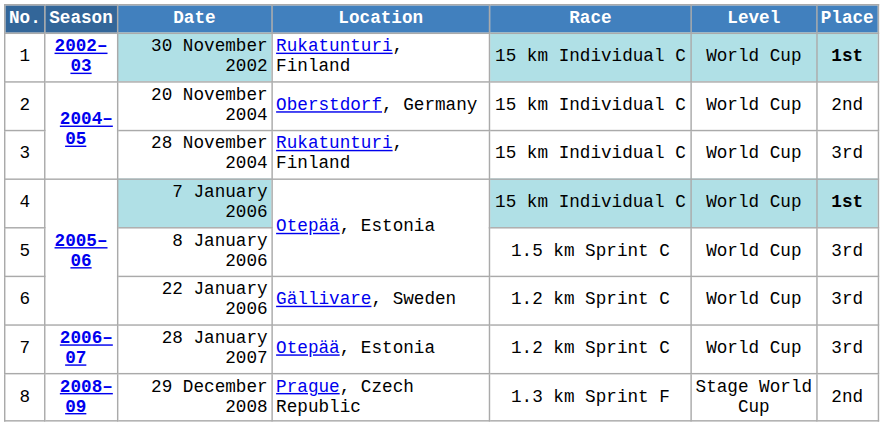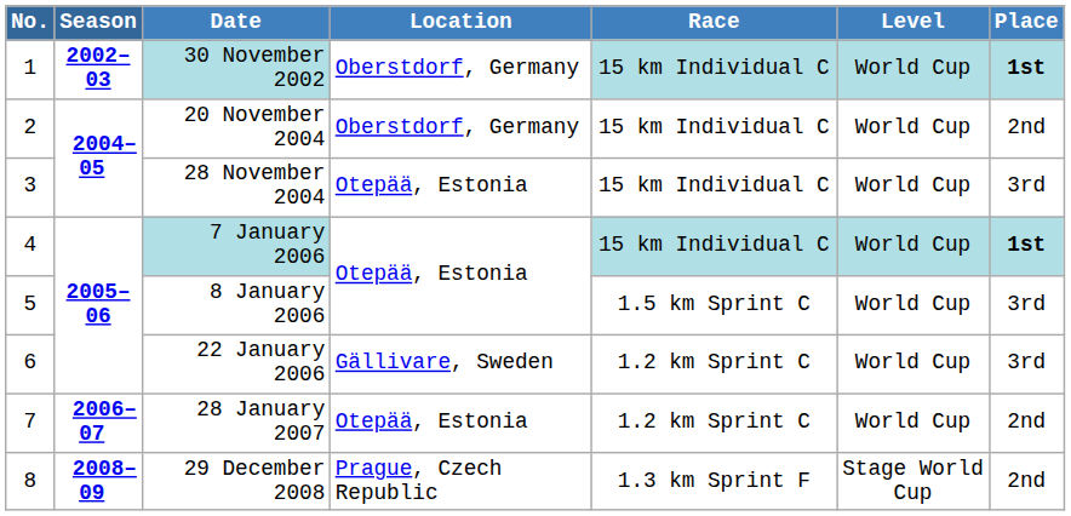 <table class="wikitable sortable" style="font-size:95%; text-align:center; border:grey solid 1px; border-collapse:collapse; background:#ffffff;">
 <tr style="background:#efefef;">
 <th style="background-color:#369; color:white;">No.</th>
 <th style="background-color:#369; color:white;">Season</th>
 <th style="background-color:#4180be; color:white; width:120px;">Date</th>
 <th style="background-color:#4180be; color:white; width:170px;">Location</th>
 <th style="background-color:#4180be; color:white; width:160px;">Race</th>
 <th style="background-color:#4180be; color:white; width:100px;">Level</th>
 <th style="background-color:#4180be; color:white;">Place</th>
 </tr>
 <tr>
 <td align=center>1</td>
 <td rowspan=1 align=center><strong><a href='#'>2002–03</a></strong></td>
 <td bgcolor="#BOEOE6" align=right>30 November 2002</td>
-<td align=left> <a href='#'>Rukatunturi</a>, Finland</td>
+<td align=left> <a href='#'>Oberstdorf</a>, Germany</td>
 <td bgcolor="#BOEOE6">15 km Individual C</td>
 <td bgcolor="#BOEOE6">World Cup</td>
 <td bgcolor="#BOEOE6"><strong>1st</strong></td>
 </tr>
 <tr>
 <td align=center>2</td>
 <td rowspan=2 align=center><strong> <a href='#'>2004–05</a> </strong></td>
 <td align=right>20 November 2004</td>
 <td align=left> <a href='#'>Oberstdorf</a>, Germany</td>
 <td>15 km Individual C</td>
 <td>World Cup</td>
 <td>2nd</td>
 </tr>
 <tr>
 <td align=center>3</td>
 <td align=right>28 November 2004</td>
-<td align=left> <a href='#'>Rukatunturi</a>, Finland</td>
+<td align=left> <a href='#'>Otepää</a>, Estonia</td>
 <td>15 km Individual C</td>
 <td>World Cup</td>
 <td>3rd</td>
 </tr>
 <tr>
 <td align=center>4</td>
 <td rowspan=3 align=center><strong><a href='#'>2005–06</a></strong></td>
 <td bgcolor="#BOEOE6" align=right>7 January 2006</td>
 <td rowspan=2 align=left> <a href='#'>Otepää</a>, Estonia</td>
 <td bgcolor="#BOEOE6">15 km Individual C</td>
 <td bgcolor="#BOEOE6">World Cup</td>
 <td bgcolor="#BOEOE6"><strong>1st</strong></td>
 </tr>
 <tr>
 <td align=center>5</td>
 <td align=right>8 January 2006</td>
 <td>1.5 km Sprint C</td>
 <td>World Cup</td>
 <td>3rd</td>
 </tr>
 <tr>
 <td align=center>6</td>
 <td align=right>22 January 2006</td>
 <td align=left> <a href='#'>Gällivare</a>, Sweden</td>
 <td>1.2 km Sprint C</td>
 <td>World Cup</td>
 <td>3rd</td>
 </tr>
 <tr>
 <td align=center>7</td>
 <td rowspan=1 align=center><strong> <a href='#'>2006–07</a> </strong></td>
 <td align=right>28 January 2007</td>
 <td align=left> <a href='#'>Otepää</a>, Estonia</td>
 <td>1.2 km Sprint C</td>
 <td>World Cup</td>
-<td>3rd</td>
+<td>2nd</td>
 </tr>
 <tr>
 <td align=center>8</td>
 <td rowspan=1 align=center><strong> <a href='#'>2008–09</a> </strong></td>
 <td align=right>29 December 2008</td>
 <td align=left> <a href='#'>Prague</a>, Czech Republic</td>
 <td>1.3 km Sprint F</td>
 <td>Stage World Cup</td>
 <td>2nd</td>
 </tr>
 </table>
